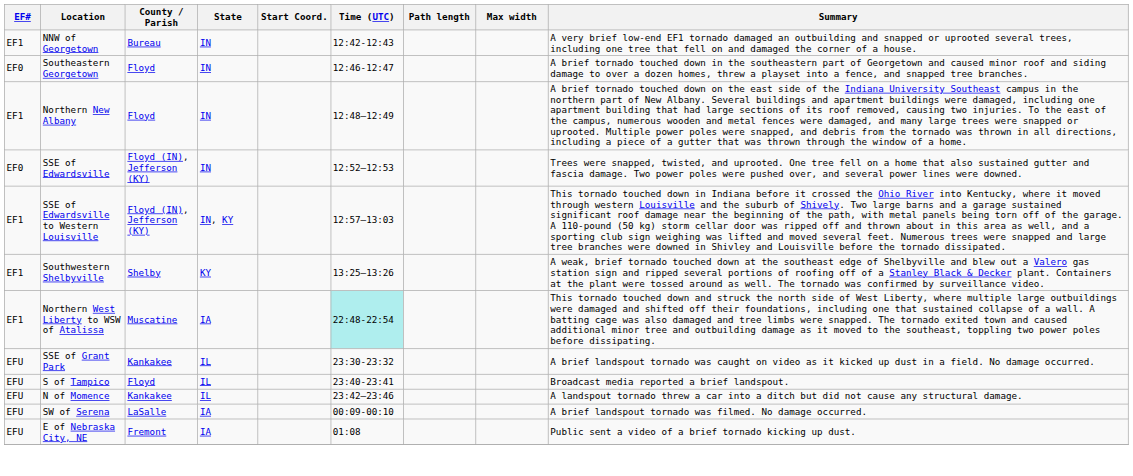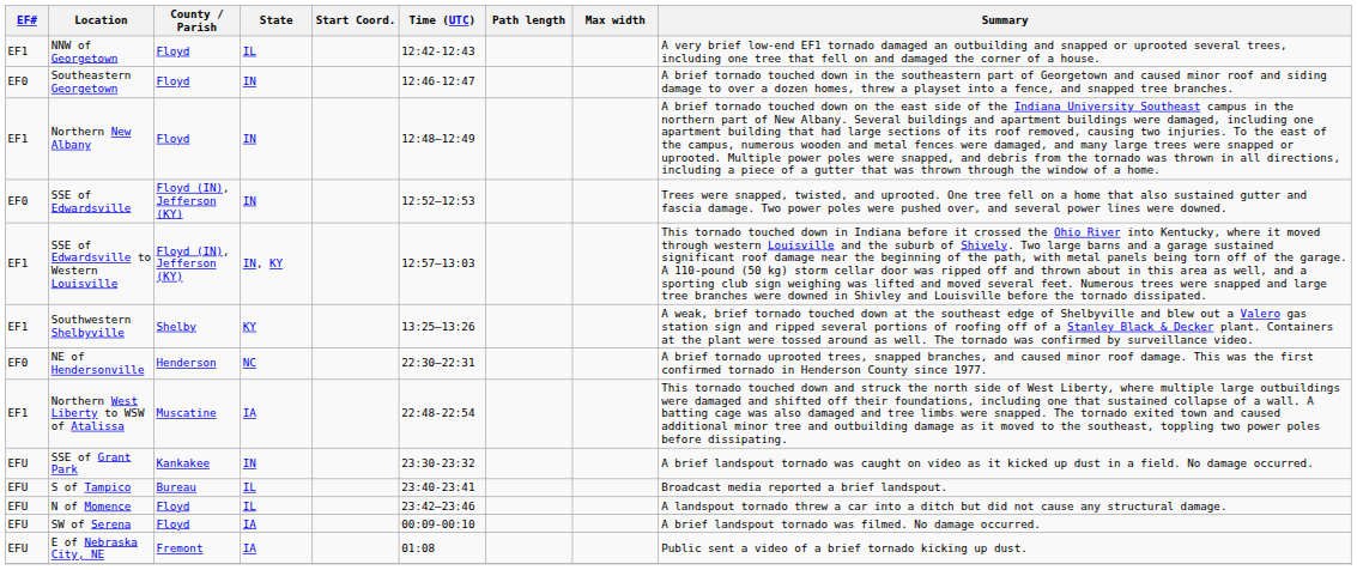 <table class="wikitable sortable" style="width:100%;">
 <tr>
 <th scope="col"  style="width:3%; text-align:center;"><a href='#'>EF#</a></th>
 <th scope="col"  style="width:7%; text-align:center;" class="unsortable">Location</th>
 <th scope="col"  style="width:6%; text-align:center;" class="unsortable">County / Parish</th>
 <th scope="col"  style="width:5%; text-align:center;">State</th>
 <th scope="col"  style="width:6%; text-align:center;">Start Coord.</th>
 <th scope="col"  style="width:6%; text-align:center;">Time (<a href='#'>UTC</a>)</th>
 <th scope="col"  style="width:6%; text-align:center;">Path length</th>
 <th scope="col"  style="width:6%; text-align:center;">Max width</th>
 <th scope="col" class="unsortable" style="width:48%; text-align:center;">Summary</th>
 </tr>
 <tr>
 <td>EF1</td>
 <td>NNW of <a href='#'>Georgetown</a></td>
-<td><a href='#'>Bureau</a></td>
-<td><a href='#'>IN</a></td>
+<td><a href='#'>Floyd</a></td>
+<td><a href='#'>IL</a></td>
 <td></td>
 <td>12:42-12:43</td>
 <td></td>
 <td></td>
 <td>A very brief low-end EF1 tornado damaged an outbuilding and snapped or uprooted several trees, including one tree that fell on and damaged the corner of a house.</td>
 </tr>
 <tr>
 <td>EF0</td>
 <td>Southeastern <a href='#'>Georgetown</a></td>
 <td><a href='#'>Floyd</a></td>
 <td><a href='#'>IN</a></td>
 <td></td>
 <td>12:46-12:47</td>
 <td></td>
 <td></td>
 <td>A brief tornado touched down in the southeastern part of Georgetown and caused minor roof and siding damage to over a dozen homes, threw a playset into a fence, and snapped tree branches.</td>
 </tr>
 <tr>
 <td>EF1</td>
 <td>Northern <a href='#'>New Albany</a></td>
 <td><a href='#'>Floyd</a></td>
 <td><a href='#'>IN</a></td>
 <td></td>
 <td>12:48–12:49</td>
 <td></td>
 <td></td>
 <td>A brief tornado touched down on the east side of the <a href='#'>Indiana University Southeast</a> campus in the northern part of New Albany. Several buildings and apartment buildings were damaged, including one apartment building that had large sections of its roof removed, causing two injuries. To the east of the campus, numerous wooden and metal fences were damaged, and many large trees were snapped or uprooted. Multiple power poles were snapped, and debris from the tornado was thrown in all directions, including a piece of a gutter that was thrown through the window of a home.</td>
 </tr>
 <tr>
 <td>EF0</td>
 <td>SSE of <a href='#'>Edwardsville</a></td>
 <td><a href='#'>Floyd (IN)</a>, <a href='#'>Jefferson (KY)</a></td>
 <td><a href='#'>IN</a></td>
 <td></td>
 <td>12:52–12:53</td>
 <td></td>
 <td></td>
 <td>Trees were snapped, twisted, and uprooted. One tree fell on a home that also sustained gutter and fascia damage. Two power poles were pushed over, and several power lines were downed.</td>
 </tr>
 <tr>
 <td>EF1</td>
 <td>SSE of <a href='#'>Edwardsville</a> to Western <a href='#'>Louisville</a></td>
 <td><a href='#'>Floyd (IN)</a>, <a href='#'>Jefferson (KY)</a></td>
 <td><a href='#'>IN</a>, <a href='#'>KY</a></td>
 <td></td>
 <td>12:57–13:03</td>
 <td></td>
 <td></td>
 <td>This tornado touched down in Indiana before it crossed the <a href='#'>Ohio River</a> into Kentucky, where it moved through western <a href='#'>Louisville</a> and the suburb of <a href='#'>Shively</a>. Two large barns and a garage sustained significant roof damage near the beginning of the path, with metal panels being torn off of the garage. A 110-pound (50 kg) storm cellar door was ripped off and thrown about  in this area as well, and a sporting club sign weighing  was lifted and moved several feet. Numerous trees were snapped and large tree branches were downed in Shivley and Louisville before the tornado dissipated.</td>
 </tr>
 <tr>
 <td>EF1</td>
 <td>Southwestern <a href='#'>Shelbyville</a></td>
 <td><a href='#'>Shelby</a></td>
 <td><a href='#'>KY</a></td>
 <td></td>
 <td>13:25–13:26</td>
 <td></td>
 <td></td>
 <td>A weak, brief tornado touched down at the southeast edge of Shelbyville and blew out a <a href='#'>Valero</a> gas station sign and ripped several portions of roofing off of a <a href='#'>Stanley Black & Decker</a> plant. Containers at the plant were tossed around as well. The tornado was confirmed by surveillance video.</td>
 </tr>
 <tr>
+<td>EF0</td>
+<td>NE of <a href='#'>Hendersonville</a></td>
+<td><a href='#'>Henderson</a></td>
+<td><a href='#'>NC</a></td>
+<td></td>
+<td>22:30–22:31</td>
+<td></td>
+<td></td>
+<td>A brief tornado uprooted trees, snapped branches, and caused minor roof damage. This was the first confirmed tornado in Henderson County since 1977.</td>
+</tr>
+<tr>
 <td>EF1</td>
 <td>Northern <a href='#'>West Liberty</a> to WSW of <a href='#'>Atalissa</a></td>
 <td><a href='#'>Muscatine</a></td>
 <td><a href='#'>IA</a></td>
 <td></td>
-<td style="background: paleturquoise;">22:48-22:54</td>
+<td>22:48-22:54</td>
 <td></td>
 <td></td>
 <td>This tornado touched down and struck the north side of West Liberty, where multiple large outbuildings were damaged and shifted off their foundations, including one that sustained collapse of a wall. A batting cage was also damaged and tree limbs were snapped. The tornado exited town and caused additional minor tree and outbuilding damage as it moved to the southeast, toppling two power poles before dissipating.</td>
 </tr>
 <tr>
 <td>EFU</td>
 <td>SSE of <a href='#'>Grant Park</a></td>
 <td><a href='#'>Kankakee</a></td>
-<td><a href='#'>IL</a></td>
+<td><a href='#'>IN</a></td>
 <td></td>
 <td>23:30-23:32</td>
 <td></td>
 <td></td>
 <td>A brief landspout tornado was caught on video as it kicked up dust in a field. No damage occurred.</td>
 </tr>
 <tr>
 <td>EFU</td>
 <td>S of <a href='#'>Tampico</a></td>
-<td><a href='#'>Floyd</a></td>
+<td><a href='#'>Bureau</a></td>
 <td><a href='#'>IL</a></td>
 <td></td>
 <td>23:40-23:41</td>
 <td></td>
 <td></td>
 <td>Broadcast media reported a brief landspout.</td>
 </tr>
 <tr>
 <td>EFU</td>
 <td>N of <a href='#'>Momence</a></td>
-<td><a href='#'>Kankakee</a></td>
+<td><a href='#'>Floyd</a></td>
 <td><a href='#'>IL</a></td>
 <td></td>
 <td>23:42–23:46</td>
 <td></td>
 <td></td>
 <td>A landspout tornado threw a car into a ditch but did not cause any structural damage.</td>
 </tr>
 <tr>
 <td>EFU</td>
 <td>SW of <a href='#'>Serena</a></td>
-<td><a href='#'>LaSalle</a></td>
+<td><a href='#'>Floyd</a></td>
 <td><a href='#'>IA</a></td>
 <td></td>
 <td>00:09-00:10</td>
 <td></td>
 <td></td>
 <td>A brief landspout tornado was filmed. No damage occurred.</td>
 </tr>
 <tr>
 <td>EFU</td>
 <td>E of <a href='#'>Nebraska City, NE</a></td>
 <td><a href='#'>Fremont</a></td>
 <td><a href='#'>IA</a></td>
 <td></td>
 <td>01:08</td>
 <td></td>
 <td></td>
 <td>Public sent a video of a brief tornado kicking up dust.</td>
 </tr>
 <tr>
 </tr>
 </table>
